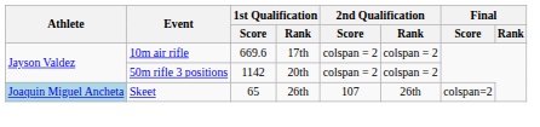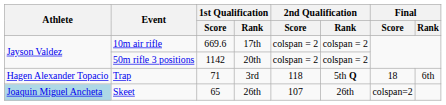 <table class="wikitable" style="font-size:90%">
 <tr>
 <th rowspan=2>Athlete</th>
 <th rowspan=2>Event</th>
 <th colspan=2>1st Qualification</th>
 <th colspan=2>2nd Qualification</th>
 <th colspan=2>Final</th>
 </tr>
 <tr style="font-size:95%">
 <th>Score</th>
 <th>Rank</th>
 <th>Score</th>
 <th>Rank</th>
 <th>Score</th>
 <th>Rank</th>
 </tr>
 <tr>
 <td rowspan=2 align=left><a href='#'>Jayson Valdez</a></td>
 <td><a href='#'>10m air rifle</a></td>
 <td align=center>669.6</td>
 <td align=center>17th</td>
 <td>colspan = 2 </td>
 <td>colspan = 2 </td>
 </tr>
 <tr>
 <td><a href='#'>50m rifle 3 positions</a></td>
 <td align=center>1142</td>
 <td align=center>20th</td>
 <td>colspan = 2 </td>
 <td>colspan = 2 </td>
 </tr>
 <tr>
+<td align=left><a href='#'>Hagen Alexander Topacio</a></td>
+<td><a href='#'>Trap</a></td>
+<td align=center>71</td>
+<td align=center>3rd</td>
+<td align=center>118</td>
+<td align=center>5th <strong>Q</strong></td>
+<td align=center>18</td>
+<td align=center>6th</td>
+</tr>
+<tr>
 <td align=left style="background: lightblue;"><a href='#'>Joaquin Miguel Ancheta</a></td>
 <td><a href='#'>Skeet</a></td>
 <td align=center>65</td>
 <td align=center>26th</td>
 <td align=center>107</td>
 <td align=center>26th</td>
 <td>colspan=2 </td>
 </tr>
 </table>
